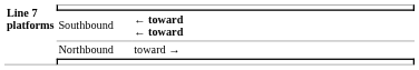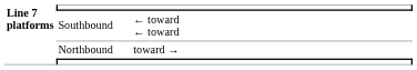 <table border=0 cellspacing=0 cellpadding=3>
 <tr>
 <td style="border-bottom:solid 1px gray;" width=50 rowspan=10 valign=top><strong>Line 7 platforms</strong></td>
 <td style="border-top:solid 1px gray;border-right:solid 2px black;border-left:solid 2px black;border-bottom:solid 2px black;text-align:center;" colspan=2></td>
 </tr>
 <tr>
 <td style="border-bottom:solid 1px gray;" width=100>Southbound</td>
-<td style="border-bottom:solid 1px gray;" width=390><strong>←   toward  <br>←   toward  </strong></td>
+<td style="border-bottom:solid 1px gray;" width=390>←   toward  <br>←   toward  </td>
 </tr>
 <tr>
 <td>Northbound</td>
 <td>   toward   →</td>
 </tr>
 <tr>
 <td style="border-top:solid 2px black;border-right:solid 2px black;border-left:solid 2px black;border-bottom:solid 1px gray;text-align:center;" colspan=2></td>
 </tr>
 </table>
